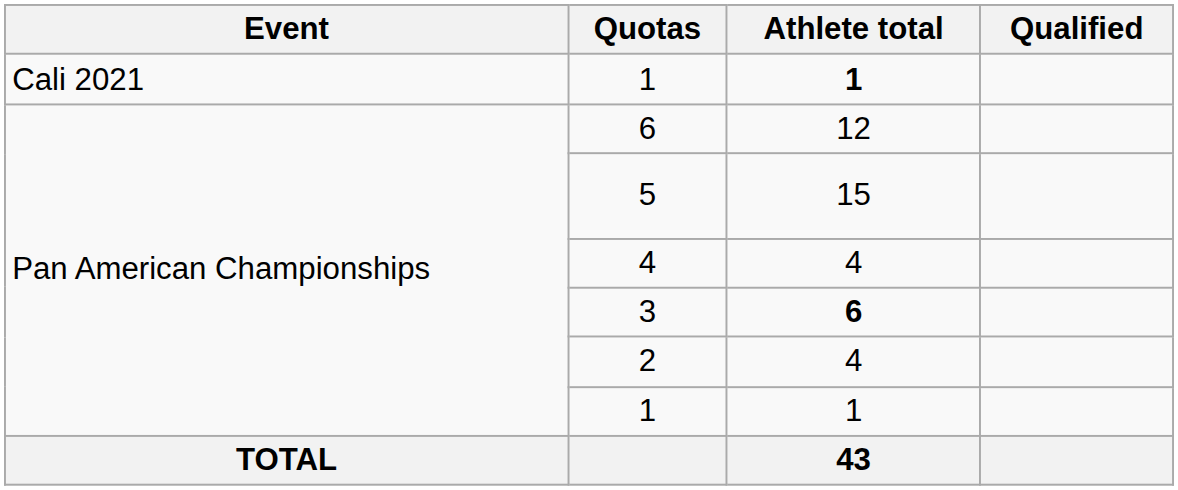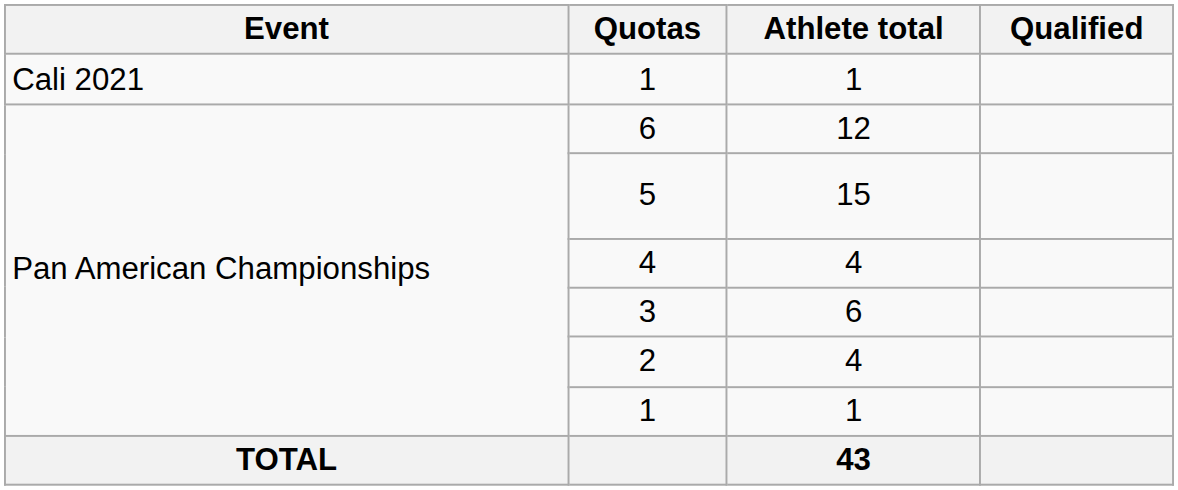 <table class="wikitable" width=600>
 <tr>
 <th>Event</th>
 <th>Quotas</th>
 <th>Athlete total</th>
 <th>Qualified</th>
 </tr>
 <tr>
 <td>Cali 2021</td>
 <td align=center>1</td>
-<td align=center><strong>1</strong></td>
+<td align=center>1</td>
 <td></td>
 </tr>
 <tr>
 <td rowspan=6>Pan American Championships</td>
 <td align=center>6</td>
 <td align=center>12</td>
 <td><br></td>
 </tr>
 <tr>
 <td align=center>5</td>
 <td align=center>15</td>
 <td><br><br></td>
 </tr>
 <tr>
 <td align=center>4</td>
 <td align=center>4</td>
 <td></td>
 </tr>
 <tr>
 <td align=center>3</td>
-<td align=center><strong>6</strong></td>
+<td align=center>6</td>
 <td><br></td>
 </tr>
 <tr>
 <td align=center>2</td>
 <td align=center>4</td>
 <td><br></td>
 </tr>
 <tr>
 <td align=center>1</td>
 <td align=center>1</td>
 <td></td>
 </tr>
 <tr>
 <th>TOTAL</th>
 <th></th>
 <th>43</th>
 <th></th>
 </tr>
 </table>
